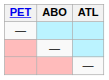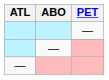 <table class="wikitable" style="text-align:center" width=145>
 <tr>
+<th width=30>ATL</th>
+<th width=30>ABO</th>
 <th width=30><a href='#'>PET</a></th>
-<th width=30>ABO</th>
-<th width=30>ATL</th>
+</tr>
+<tr>
+<td style="background:#bbf3ff;"></td>
+<td style="background:#bbf3ff;"></td>
+<td>—</td>
+</tr>
+<tr>
+<td style="background:#bbf3ff;"></td>
+<td>—</td>
+<td style="background:#ffbbbb;"></td>
 </tr>
 <tr>
 <td>—</td>
-<td style="background:#bbf3ff;"></td>
-<td style="background:#bbf3ff;"></td>
-</tr>
-<tr>
-<td style="background:#ffbbbb;"></td>
-<td>—</td>
-<td style="background:#bbf3ff;"></td>
-</tr>
-<tr>
 <td style="background:#ffbbbb;"></td>
 <td style="background:#ffbbbb;"></td>
-<td>—</td>
 </tr>
 </table>
